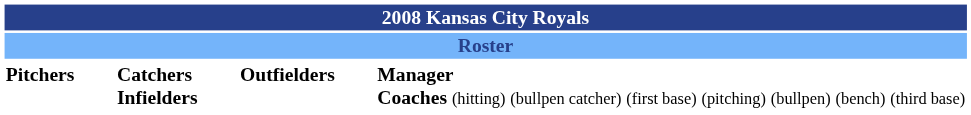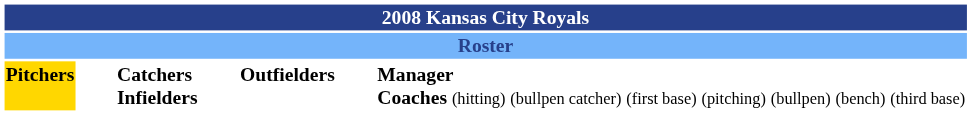 <table class="toccolours" style="font-size: 95%;">
 <tr>
 <th colspan="10" style="background-color: #27408B; color: #FFFFFF; text-align: center;">2008 Kansas City Royals</th>
 </tr>
 <tr>
 <td colspan="10" style="background-color: #74B4FA; color: #27408B; text-align: center;"><strong>Roster</strong></td>
 </tr>
 <tr>
-<td valign="top"><strong>Pitchers</strong><br>                      </td>
+<td valign="top" style="background: gold;"><strong>Pitchers</strong><br>                      </td>
 <td width="25px"></td>
 <td valign="top"><strong>Catchers</strong><br>   <strong>Infielders</strong>           </td>
 <td width="25px"></td>
 <td valign="top"><strong>Outfielders</strong><br>     </td>
 <td width="25px"></td>
 <td valign="top"><strong>Manager</strong><br>  <strong>Coaches</strong>  <small>(hitting)</small>  <small>(bullpen catcher)</small>  <small>(first base)</small>  <small>(pitching)</small>  <small>(bullpen)</small>  <small>(bench)</small>  <small>(third base)</small></td>
 </tr>
 </table>
